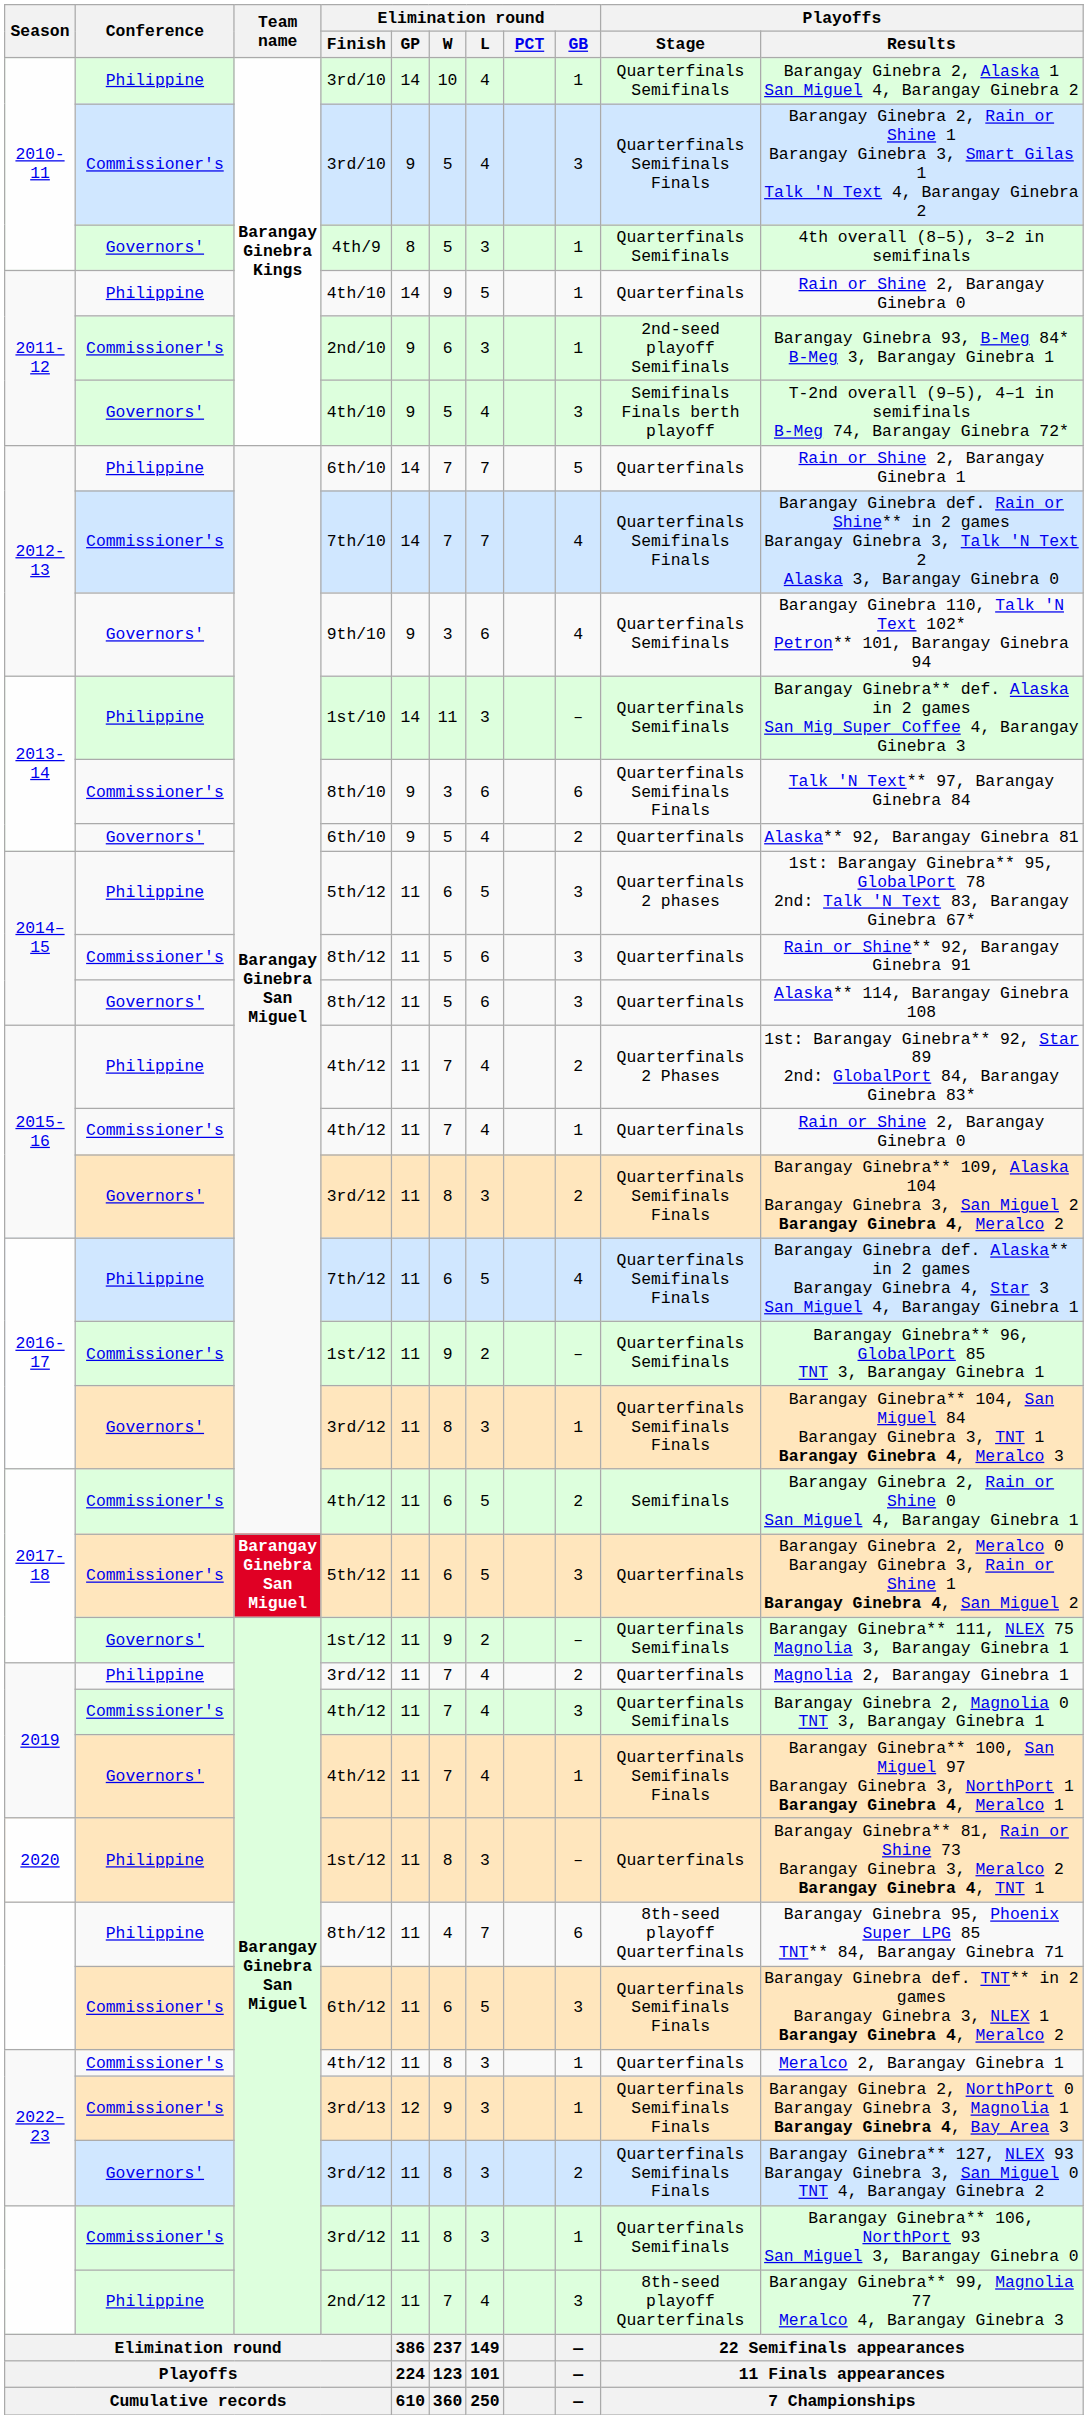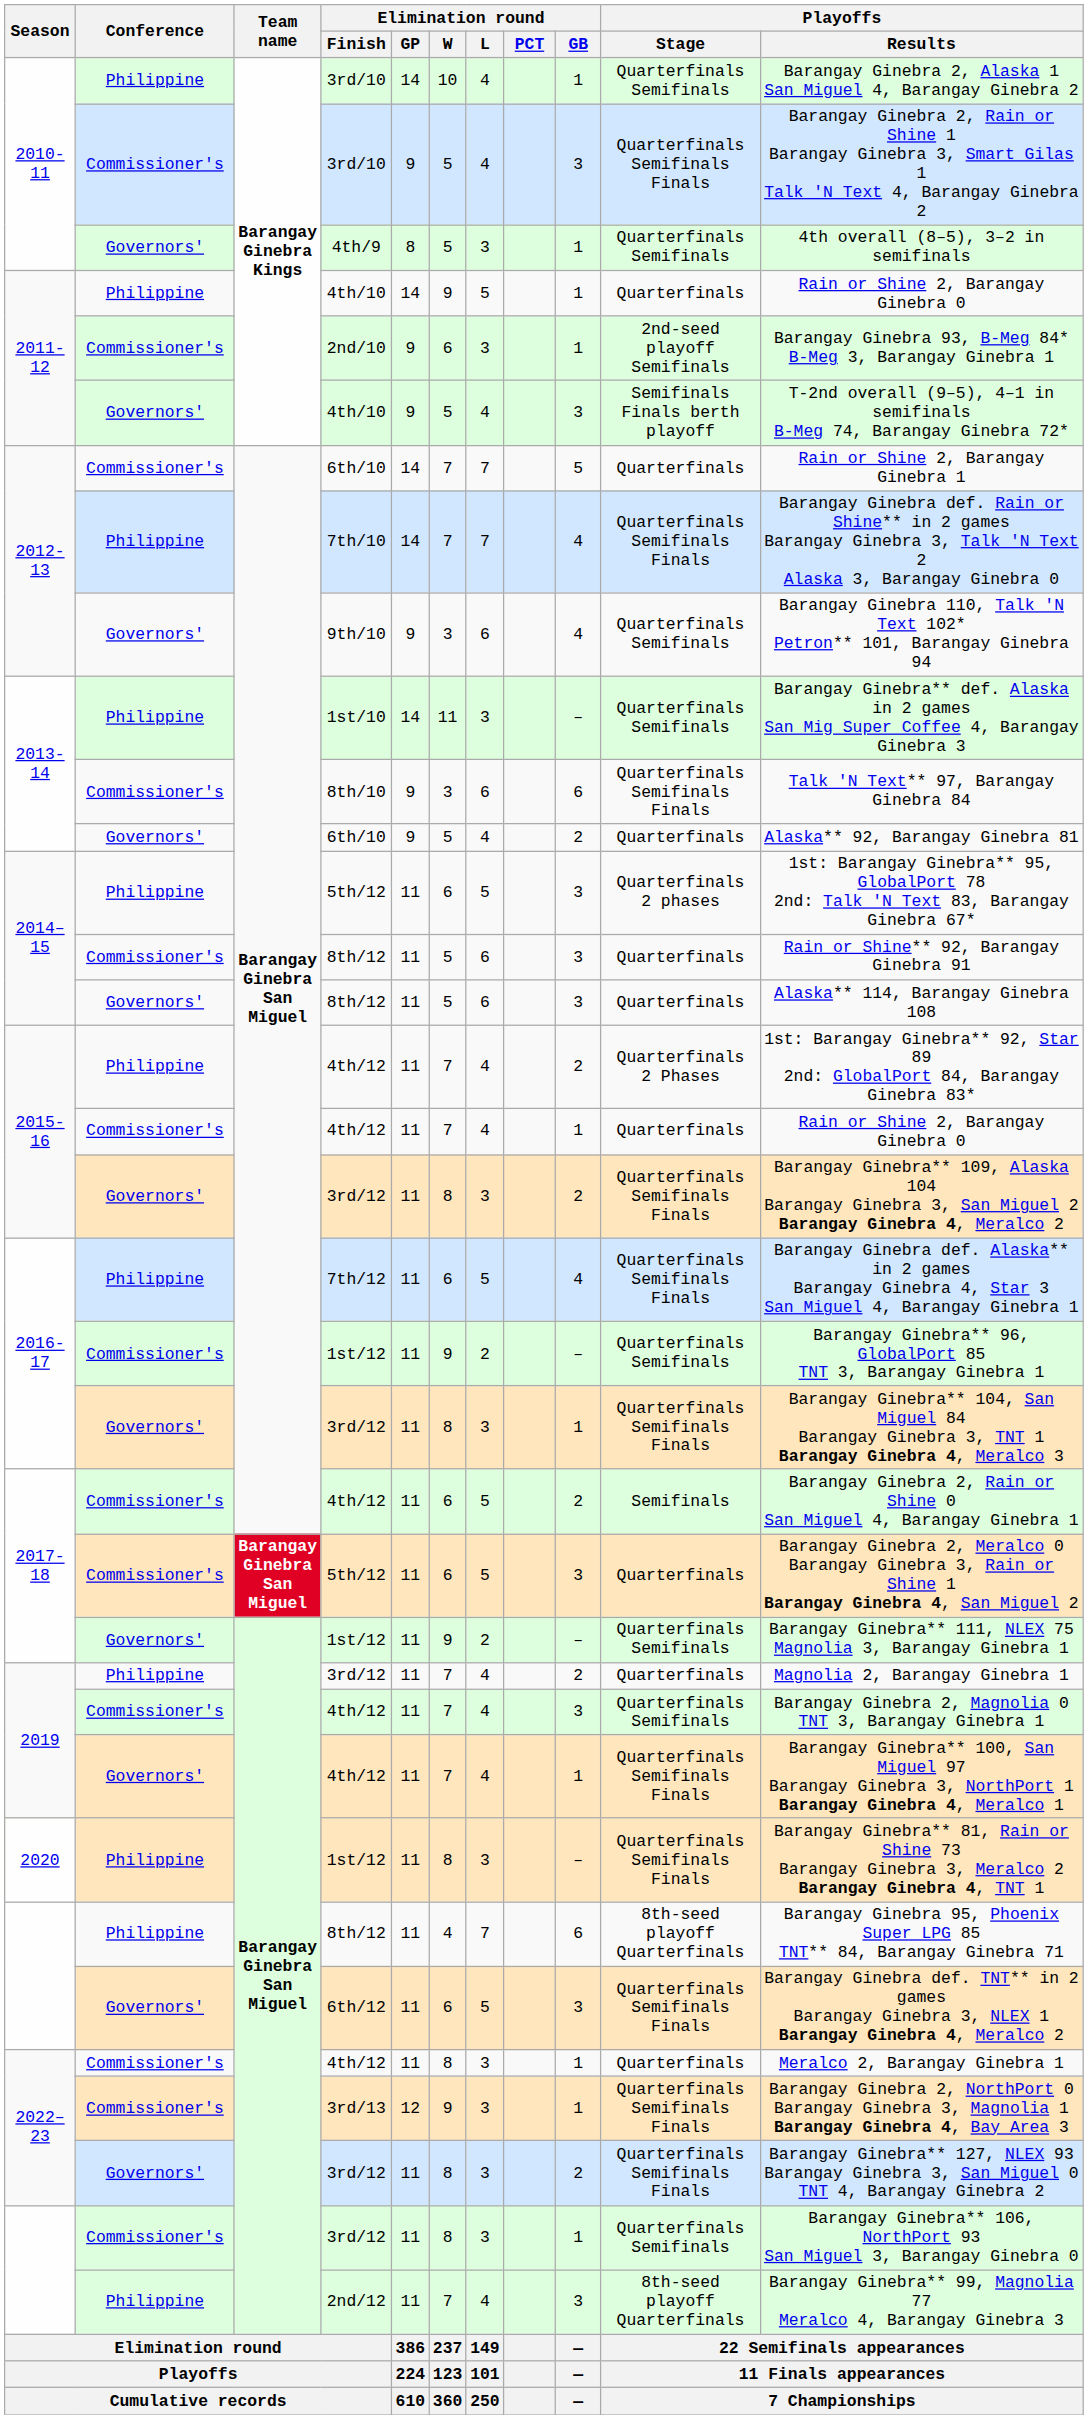 <table class=wikitable style="text-align:center;">
 <tr>
 <th width=50px rowspan=2>Season</th>
 <th width=120px rowspan=2>Conference</th>
 <th width=60px rowspan=2>Team name</th>
 <th colspan=6>Elimination round</th>
 <th colspan=2>Playoffs</th>
 </tr>
 <tr>
 <th width=50px>Finish</th>
 <th width=20px>GP</th>
 <th width=20px>W</th>
 <th width=20px>L</th>
 <th width=35px><a href='#'>PCT</a></th>
 <th width=30px><a href='#'>GB</a></th>
 <th width=120px>Stage</th>
 <th width=250px>Results</th>
 </tr>
 <tr bgcolor=#DDFFDD>
 <td bgcolor=#fefefe rowspan=3><a href='#'>2010-11</a></td>
 <td><a href='#'>Philippine</a></td>
 <td rowspan=6 bgcolor=fefefe><strong>Barangay Ginebra Kings</strong></td>
 <td>3rd/10</td>
 <td>14</td>
 <td>10</td>
 <td>4</td>
 <td></td>
 <td>1</td>
 <td>Quarterfinals<br>Semifinals</td>
 <td>Barangay Ginebra 2, <a href='#'>Alaska</a> 1<br><a href='#'>San Miguel</a> 4, Barangay Ginebra 2</td>
 </tr>
 <tr bgcolor=#D0E7FF>
 <td><a href='#'>Commissioner's</a></td>
 <td>3rd/10</td>
 <td>9</td>
 <td>5</td>
 <td>4</td>
 <td></td>
 <td>3</td>
 <td>Quarterfinals<br>Semifinals<br>Finals</td>
 <td>Barangay Ginebra 2, <a href='#'>Rain or Shine</a> 1<br>Barangay Ginebra 3, <a href='#'>Smart Gilas</a> 1<br><a href='#'>Talk 'N Text</a> 4, Barangay Ginebra 2</td>
 </tr>
 <tr bgcolor=#DDFFDD>
 <td><a href='#'>Governors'</a></td>
 <td>4th/9</td>
 <td>8</td>
 <td>5</td>
 <td>3</td>
 <td></td>
 <td>1</td>
 <td>Quarterfinals<br>Semifinals</td>
 <td>4th overall (8–5), 3–2 in semifinals</td>
 </tr>
 <tr>
 <td rowspan=3><a href='#'>2011-12</a></td>
 <td><a href='#'>Philippine</a></td>
 <td>4th/10</td>
 <td>14</td>
 <td>9</td>
 <td>5</td>
 <td></td>
 <td>1</td>
 <td>Quarterfinals</td>
 <td><a href='#'>Rain or Shine</a> 2, Barangay Ginebra 0</td>
 </tr>
 <tr bgcolor=#DDFFDD>
 <td><a href='#'>Commissioner's</a></td>
 <td>2nd/10</td>
 <td>9</td>
 <td>6</td>
 <td>3</td>
 <td></td>
 <td>1</td>
 <td>2nd-seed playoff<br>Semifinals</td>
 <td>Barangay Ginebra 93, <a href='#'>B-Meg</a> 84*<br><a href='#'>B-Meg</a> 3, Barangay Ginebra 1</td>
 </tr>
 <tr bgcolor=#DDFFDD>
 <td><a href='#'>Governors'</a></td>
 <td>4th/10</td>
 <td>9</td>
 <td>5</td>
 <td>4</td>
 <td></td>
 <td>3</td>
 <td>Semifinals<br>Finals berth playoff</td>
 <td>T-2nd overall (9–5), 4–1 in semifinals<br><a href='#'>B-Meg</a> 74, Barangay Ginebra 72*</td>
 </tr>
 <tr>
 <td rowspan=3><a href='#'>2012-13</a></td>
-<td><a href='#'>Philippine</a></td>
+<td><a href='#'>Commissioner's</a></td>
 <td rowspan=16><strong>Barangay Ginebra San Miguel</strong></td>
 <td>6th/10</td>
 <td>14</td>
 <td>7</td>
 <td>7</td>
 <td></td>
 <td>5</td>
 <td>Quarterfinals</td>
 <td><a href='#'>Rain or Shine</a> 2, Barangay Ginebra 1</td>
 </tr>
 <tr bgcolor=#D0E7FF>
-<td><a href='#'>Commissioner's</a></td>
+<td><a href='#'>Philippine</a></td>
 <td>7th/10</td>
 <td>14</td>
 <td>7</td>
 <td>7</td>
 <td></td>
 <td>4</td>
 <td>Quarterfinals<br>Semifinals<br>Finals</td>
 <td>Barangay Ginebra def. <a href='#'>Rain or Shine</a>** in 2 games<br>Barangay Ginebra 3, <a href='#'>Talk 'N Text</a> 2<br><a href='#'>Alaska</a> 3, Barangay Ginebra 0</td>
 </tr>
 <tr>
 <td><a href='#'>Governors'</a></td>
 <td>9th/10</td>
 <td>9</td>
 <td>3</td>
 <td>6</td>
 <td></td>
 <td>4</td>
 <td>Quarterfinals<br>Semifinals</td>
 <td>Barangay Ginebra 110, <a href='#'>Talk 'N Text</a> 102*<br><a href='#'>Petron</a>** 101, Barangay Ginebra 94</td>
 </tr>
 <tr bgcolor=#DDFFDD>
 <td bgcolor=#fefefe rowspan=3><a href='#'>2013-14</a></td>
 <td><a href='#'>Philippine</a></td>
 <td>1st/10</td>
 <td>14</td>
 <td>11</td>
 <td>3</td>
 <td></td>
 <td>–</td>
 <td>Quarterfinals<br>Semifinals</td>
 <td>Barangay Ginebra** def. <a href='#'>Alaska</a> in 2 games<br><a href='#'>San Mig Super Coffee</a> 4, Barangay Ginebra 3</td>
 </tr>
 <tr>
 <td><a href='#'>Commissioner's</a></td>
 <td>8th/10</td>
 <td>9</td>
 <td>3</td>
 <td>6</td>
 <td></td>
 <td>6</td>
 <td>Quarterfinals<br>Semifinals<br>Finals</td>
 <td><a href='#'>Talk 'N Text</a>** 97, Barangay Ginebra 84</td>
 </tr>
 <tr>
 <td><a href='#'>Governors'</a></td>
 <td>6th/10</td>
 <td>9</td>
 <td>5</td>
 <td>4</td>
 <td></td>
 <td>2</td>
 <td>Quarterfinals</td>
 <td><a href='#'>Alaska</a>** 92, Barangay Ginebra 81</td>
 </tr>
 <tr>
 <td rowspan=3><a href='#'>2014–15</a></td>
 <td><a href='#'>Philippine</a></td>
 <td>5th/12</td>
 <td>11</td>
 <td>6</td>
 <td>5</td>
 <td></td>
 <td>3</td>
 <td>Quarterfinals<br>2 phases</td>
 <td>1st: Barangay Ginebra** 95, <a href='#'>GlobalPort</a> 78<br> 2nd: <a href='#'>Talk 'N Text</a> 83, Barangay Ginebra 67*</td>
 </tr>
 <tr>
 <td><a href='#'>Commissioner's</a></td>
 <td>8th/12</td>
 <td>11</td>
 <td>5</td>
 <td>6</td>
 <td></td>
 <td>3</td>
 <td>Quarterfinals</td>
 <td><a href='#'>Rain or Shine</a>** 92, Barangay Ginebra 91</td>
 </tr>
 <tr>
 <td><a href='#'>Governors'</a></td>
 <td>8th/12</td>
 <td>11</td>
 <td>5</td>
 <td>6</td>
 <td></td>
 <td>3</td>
 <td>Quarterfinals</td>
 <td><a href='#'>Alaska</a>** 114, Barangay Ginebra 108</td>
 </tr>
 <tr>
 <td rowspan=3><a href='#'>2015-16</a></td>
 <td><a href='#'>Philippine</a></td>
 <td>4th/12</td>
 <td>11</td>
 <td>7</td>
 <td>4</td>
 <td></td>
 <td>2</td>
 <td>Quarterfinals<br>2 Phases</td>
 <td>1st: Barangay Ginebra** 92, <a href='#'>Star</a> 89<br>2nd: <a href='#'>GlobalPort</a> 84, Barangay Ginebra 83*</td>
 </tr>
 <tr>
 <td><a href='#'>Commissioner's</a></td>
 <td>4th/12</td>
 <td>11</td>
 <td>7</td>
 <td>4</td>
 <td></td>
 <td>1</td>
 <td>Quarterfinals</td>
 <td><a href='#'>Rain or Shine</a> 2, Barangay Ginebra 0</td>
 </tr>
 <tr bgcolor=#FFE6BD>
 <td><a href='#'>Governors'</a></td>
 <td>3rd/12</td>
 <td>11</td>
 <td>8</td>
 <td>3</td>
 <td></td>
 <td>2</td>
 <td>Quarterfinals<br>Semifinals<br>Finals</td>
 <td>Barangay Ginebra** 109, <a href='#'>Alaska</a> 104<br>Barangay Ginebra 3, <a href='#'>San Miguel</a> 2<br><strong>Barangay Ginebra 4</strong>, <a href='#'>Meralco</a> 2</td>
 </tr>
 <tr bgcolor=#D0E7FF>
 <td bgcolor=#fefefe rowspan=3><a href='#'>2016-17</a></td>
 <td><a href='#'>Philippine</a></td>
 <td>7th/12</td>
 <td>11</td>
 <td>6</td>
 <td>5</td>
 <td></td>
 <td>4</td>
 <td>Quarterfinals<br>Semifinals<br>Finals</td>
 <td>Barangay Ginebra def. <a href='#'>Alaska</a>** in 2 games<br>Barangay Ginebra 4, <a href='#'>Star</a> 3<br><a href='#'>San Miguel</a> 4, Barangay Ginebra 1</td>
 </tr>
 <tr bgcolor=#DDFFDD>
 <td><a href='#'>Commissioner's</a></td>
 <td>1st/12</td>
 <td>11</td>
 <td>9</td>
 <td>2</td>
 <td></td>
 <td>–</td>
 <td>Quarterfinals<br>Semifinals</td>
 <td>Barangay Ginebra** 96, <a href='#'>GlobalPort</a> 85<br><a href='#'>TNT</a> 3, Barangay Ginebra 1</td>
 </tr>
 <tr bgcolor=#FFE6BD>
 <td><a href='#'>Governors'</a></td>
 <td>3rd/12</td>
 <td>11</td>
 <td>8</td>
 <td>3</td>
 <td></td>
 <td>1</td>
 <td>Quarterfinals<br>Semifinals<br>Finals</td>
 <td>Barangay Ginebra** 104, <a href='#'>San Miguel</a> 84<br>Barangay Ginebra 3, <a href='#'>TNT</a> 1<br><strong>Barangay Ginebra 4</strong>, <a href='#'>Meralco</a> 3</td>
 </tr>
 <tr bgcolor=#DDFFDD>
 <td bgcolor=#fefefe rowspan=3><a href='#'>2017-18</a></td>
 <td><a href='#'>Commissioner's</a></td>
 <td>4th/12</td>
 <td>11</td>
 <td>6</td>
 <td>5</td>
 <td></td>
 <td>2</td>
 <td>Semifinals</td>
 <td>Barangay Ginebra 2, <a href='#'>Rain or Shine</a> 0<br><a href='#'>San Miguel</a> 4, Barangay Ginebra 1</td>
 </tr>
 <tr bgcolor=#FFE6BD>
 <td><a href='#'>Commissioner's</a></td>
 <td style="background:#E00024; color:#FFFFFF; "><span><strong>Barangay Ginebra San Miguel</strong></span></td>
 <td>5th/12</td>
 <td>11</td>
 <td>6</td>
 <td>5</td>
 <td></td>
 <td>3</td>
 <td>Quarterfinals</td>
 <td>Barangay Ginebra 2, <a href='#'>Meralco</a>  0<br>Barangay Ginebra 3, <a href='#'>Rain or Shine</a> 1<br><strong>Barangay Ginebra 4</strong>, <a href='#'>San Miguel</a> 2</td>
 </tr>
 <tr bgcolor=#DDFFDD>
 <td><a href='#'>Governors'</a></td>
 <td rowspan=12><strong>Barangay Ginebra San Miguel</strong></td>
 <td>1st/12</td>
 <td>11</td>
 <td>9</td>
 <td>2</td>
 <td></td>
 <td>–</td>
 <td>Quarterfinals<br>Semifinals</td>
 <td>Barangay Ginebra** 111, <a href='#'>NLEX</a> 75<br><a href='#'>Magnolia</a> 3, Barangay Ginebra 1</td>
 </tr>
 <tr>
 <td rowspan=3><a href='#'>2019</a></td>
 <td><a href='#'>Philippine</a></td>
 <td>3rd/12</td>
 <td>11</td>
 <td>7</td>
 <td>4</td>
 <td></td>
 <td>2</td>
 <td>Quarterfinals</td>
 <td><a href='#'>Magnolia</a> 2, Barangay Ginebra 1</td>
 </tr>
 <tr bgcolor=#DDFFDD>
 <td><a href='#'>Commissioner's</a></td>
 <td>4th/12</td>
 <td>11</td>
 <td>7</td>
 <td>4</td>
 <td></td>
 <td>3</td>
 <td>Quarterfinals<br>Semifinals</td>
 <td>Barangay Ginebra 2, <a href='#'>Magnolia</a> 0<br><a href='#'>TNT</a> 3, Barangay Ginebra 1</td>
 </tr>
 <tr bgcolor=#FFE6BD>
 <td><a href='#'>Governors'</a></td>
 <td>4th/12</td>
 <td>11</td>
 <td>7</td>
 <td>4</td>
 <td></td>
 <td>1</td>
 <td>Quarterfinals<br>Semifinals<br>Finals</td>
 <td>Barangay Ginebra** 100, <a href='#'>San Miguel</a> 97<br>Barangay Ginebra 3, <a href='#'>NorthPort</a> 1<br><strong>Barangay Ginebra 4</strong>, <a href='#'>Meralco</a> 1</td>
 </tr>
 <tr bgcolor=#FFE6BD>
 <td bgcolor=#fefefe><a href='#'>2020</a></td>
 <td><a href='#'>Philippine</a></td>
 <td>1st/12</td>
 <td>11</td>
 <td>8</td>
 <td>3</td>
 <td></td>
 <td>–</td>
-<td>Quarterfinals</td>
+<td>Quarterfinals<br>Semifinals<br>Finals</td>
 <td>Barangay Ginebra** 81, <a href='#'>Rain or Shine</a> 73<br>Barangay Ginebra 3, <a href='#'>Meralco</a> 2<br><strong>Barangay Ginebra 4</strong>, <a href='#'>TNT</a> 1</td>
 </tr>
 <tr>
 <td bgcolor=#fefefe rowspan=2></td>
 <td><a href='#'>Philippine</a></td>
 <td>8th/12</td>
 <td>11</td>
 <td>4</td>
 <td>7</td>
 <td></td>
 <td>6</td>
 <td>8th-seed playoff<br>Quarterfinals</td>
 <td>Barangay Ginebra 95, <a href='#'>Phoenix Super LPG</a> 85<br><a href='#'>TNT</a>** 84, Barangay Ginebra 71</td>
 </tr>
 <tr bgcolor=#FFE6BD>
-<td><a href='#'>Commissioner's</a></td>
+<td><a href='#'>Governors'</a></td>
 <td>6th/12</td>
 <td>11</td>
 <td>6</td>
 <td>5</td>
 <td></td>
 <td>3</td>
 <td>Quarterfinals<br>Semifinals<br>Finals</td>
 <td>Barangay Ginebra def. <a href='#'>TNT</a>** in 2 games<br>Barangay Ginebra 3, <a href='#'>NLEX</a> 1<br><strong>Barangay Ginebra 4</strong>, <a href='#'>Meralco</a> 2</td>
 </tr>
 <tr>
 <td rowspan=3><a href='#'>2022–23</a></td>
 <td><a href='#'>Commissioner's</a></td>
 <td>4th/12</td>
 <td>11</td>
 <td>8</td>
 <td>3</td>
 <td></td>
 <td>1</td>
 <td>Quarterfinals</td>
 <td><a href='#'>Meralco</a> 2, Barangay Ginebra 1</td>
 </tr>
 <tr bgcolor=#FFE6BD>
 <td><a href='#'>Commissioner's</a></td>
 <td>3rd/13</td>
 <td>12</td>
 <td>9</td>
 <td>3</td>
 <td></td>
 <td>1</td>
 <td>Quarterfinals<br>Semifinals<br>Finals</td>
 <td>Barangay Ginebra 2, <a href='#'>NorthPort</a> 0<br>Barangay Ginebra 3, <a href='#'>Magnolia</a> 1<br><strong>Barangay Ginebra 4</strong>, <a href='#'>Bay Area</a> 3</td>
 </tr>
 <tr bgcolor=#D0E7FF>
 <td><a href='#'>Governors'</a></td>
 <td>3rd/12</td>
 <td>11</td>
 <td>8</td>
 <td>3</td>
 <td></td>
 <td>2</td>
 <td>Quarterfinals<br>Semifinals<br>Finals</td>
 <td>Barangay Ginebra** 127, <a href='#'>NLEX</a> 93<br>Barangay Ginebra 3, <a href='#'>San Miguel</a> 0<br><a href='#'>TNT</a> 4, Barangay Ginebra 2</td>
 </tr>
 <tr bgcolor=#DDFFDD>
 <td bgcolor=#fefefe rowspan=2></td>
 <td><a href='#'>Commissioner's</a></td>
 <td>3rd/12</td>
 <td>11</td>
 <td>8</td>
 <td>3</td>
 <td></td>
 <td>1</td>
 <td>Quarterfinals<br>Semifinals</td>
 <td>Barangay Ginebra** 106, <a href='#'>NorthPort</a> 93<br><a href='#'>San Miguel</a> 3, Barangay Ginebra 0</td>
 </tr>
 <tr bgcolor=#DDFFDD>
 <td><a href='#'>Philippine</a></td>
 <td>2nd/12</td>
 <td>11</td>
 <td>7</td>
 <td>4</td>
 <td></td>
 <td>3</td>
 <td>8th-seed playoff<br>Quarterfinals</td>
 <td>Barangay Ginebra** 99, <a href='#'>Magnolia</a> 77<br><a href='#'>Meralco</a> 4, Barangay Ginebra 3</td>
 </tr>
 <tr>
 <th colspan=4>Elimination round</th>
 <th>386</th>
 <th>237</th>
 <th>149</th>
 <th></th>
 <th>—</th>
 <th colspan=2>22 Semifinals appearances</th>
 </tr>
 <tr>
 <th colspan=4>Playoffs</th>
 <th>224</th>
 <th>123</th>
 <th>101</th>
 <th></th>
 <th>—</th>
 <th colspan=2>11 Finals appearances</th>
 </tr>
 <tr>
 <th colspan=4>Cumulative records</th>
 <th>610</th>
 <th>360</th>
 <th>250</th>
 <th></th>
 <th>—</th>
 <th colspan=2>7 Championships</th>
 </tr>
 </table>
